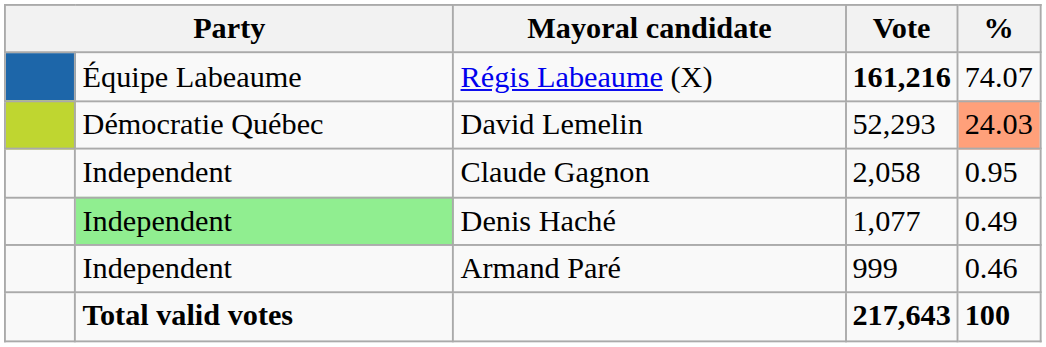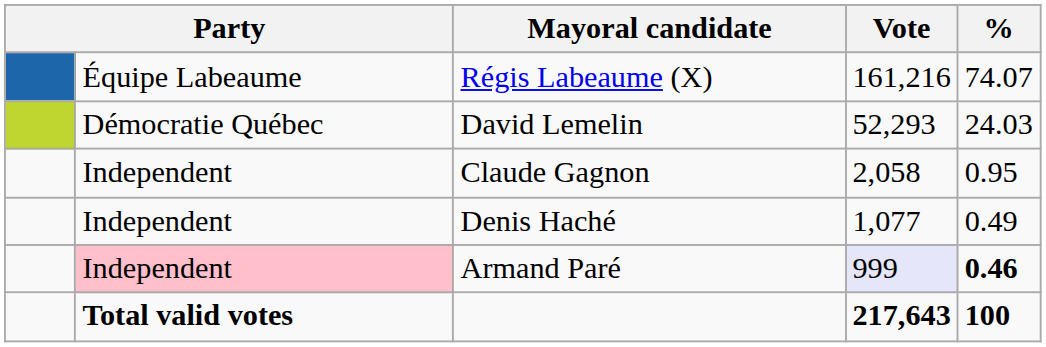 <table class="wikitable">
 <tr>
 <th bgcolor="#DDDDFF" width="230px" colspan="2">Party</th>
 <th bgcolor="#DDDDFF" width="200px">Mayoral candidate</th>
 <th bgcolor="#DDDDFF" width="50px">Vote</th>
 <th bgcolor="#DDDDFF" width="30px">%</th>
 </tr>
 <tr>
 <td bgcolor=#1D66A9 width="30px"> </td>
 <td>Équipe Labeaume</td>
 <td><a href='#'>Régis Labeaume</a> (X)</td>
-<td><strong>161,216</strong></td>
+<td>161,216</td>
 <td>74.07</td>
 </tr>
 <tr>
 <td bgcolor=#BFD630 width="30px"> </td>
 <td>Démocratie Québec</td>
 <td>David Lemelin</td>
 <td>52,293</td>
-<td style="background: lightsalmon;">24.03</td>
+<td>24.03</td>
 </tr>
 <tr>
 <td> </td>
 <td>Independent</td>
 <td>Claude Gagnon</td>
 <td>2,058</td>
 <td>0.95</td>
 </tr>
 <tr>
 <td> </td>
-<td style="background: lightgreen;">Independent</td>
+<td>Independent</td>
 <td>Denis Haché</td>
 <td>1,077</td>
 <td>0.49</td>
 </tr>
 <tr>
 <td> </td>
-<td>Independent</td>
+<td style="background: pink;">Independent</td>
 <td>Armand Paré</td>
-<td>999</td>
-<td>0.46</td>
+<td style="background: lavender;">999</td>
+<td><strong>0.46</strong></td>
 </tr>
 <tr>
 <td> </td>
 <td><strong>Total valid votes</strong></td>
 <td></td>
 <td><strong>217,643</strong></td>
 <td><strong>100</strong></td>
 </tr>
 </table>
